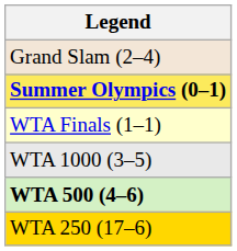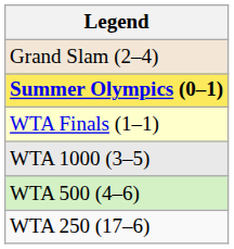 <table class=wikitable style="font-size:90%">
 <tr>
 <th>Legend</th>
 </tr>
 <tr>
 <td style="background:#f3e6d7;">Grand Slam (2–4)</td>
 </tr>
 <tr>
 <td style="background:#fcea5c;"><strong><a href='#'>Summer Olympics</a> (0–1)</strong></td>
 </tr>
 <tr>
 <td style="background:#ffc;"><a href='#'>WTA Finals</a> (1–1)</td>
 </tr>
 <tr>
 <td style="background:#e9e9e9;">WTA 1000 (3–5)</td>
 </tr>
 <tr>
-<td style="background:#d4f1c5;"><strong>WTA 500 (4–6)</strong></td>
+<td style="background:#d4f1c5;">WTA 500 (4–6)</td>
 </tr>
 <tr>
-<td style="background: gold;">WTA 250 (17–6)</td>
+<td>WTA 250 (17–6)</td>
 </tr>
 </table>
